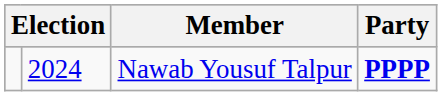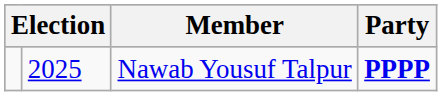 <table class="wikitable">
 <tr>
 <th colspan="2">Election</th>
 <th>Member</th>
 <th>Party</th>
 </tr>
 <tr>
 <td style="background-color: "></td>
-<td><a href='#'>2024</a></td>
+<td><a href='#'>2025</a></td>
 <td><a href='#'>Nawab Yousuf Talpur</a></td>
 <td><strong><a href='#'>PPPP</a></strong></td>
 </tr>
 </table>
